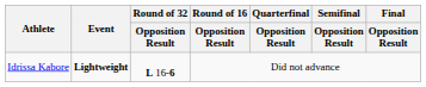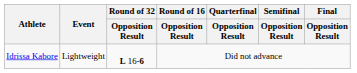 <table class=wikitable style=font-size:90%>
 <tr>
 <th rowspan=2>Athlete</th>
 <th rowspan=2>Event</th>
 <th>Round of 32</th>
 <th>Round of 16</th>
 <th>Quarterfinal</th>
 <th>Semifinal</th>
 <th>Final</th>
 </tr>
 <tr>
 <th>Opposition<br>Result</th>
 <th>Opposition<br>Result</th>
 <th>Opposition<br>Result</th>
 <th>Opposition<br>Result</th>
 <th>Opposition<br>Result</th>
 </tr>
 <tr>
 <td><a href='#'>Idrissa Kabore</a></td>
-<td><strong>Lightweight</strong></td>
+<td>Lightweight</td>
 <td align=center><br><strong>L</strong> 16-<strong>6</strong></td>
 <td colspan=4 align=center>Did not advance</td>
 </tr>
 </table>
